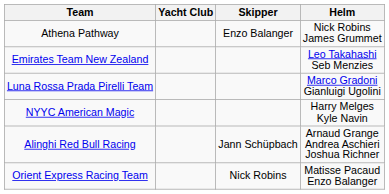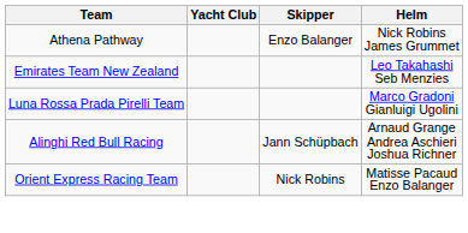 <table class="wikitable" style="font-size:10pt;line-height:1.0;line-width:2.0;text-align: center;">
 <tr>
 <th>Team</th>
 <th>Yacht Club</th>
 <th>Skipper</th>
 <th>Helm</th>
 </tr>
 <tr>
 <td> Athena Pathway</td>
 <td></td>
 <td>Enzo Balanger</td>
 <td>Nick Robins <br> James Grummet</td>
 </tr>
 <tr>
 <td> <a href='#'>Emirates Team New Zealand</a></td>
 <td></td>
 <td></td>
 <td><a href='#'>Leo Takahashi</a> <br> Seb Menzies</td>
 </tr>
 <tr>
 <td> <a href='#'>Luna Rossa Prada Pirelli Team</a></td>
 <td></td>
 <td></td>
 <td><a href='#'>Marco Gradoni</a> <br> Gianluigi Ugolini</td>
 </tr>
 <tr>
-<td> <a href='#'>NYYC American Magic</a></td>
-<td></td>
-<td></td>
-<td>Harry Melges <br> Kyle Navin</td>
-</tr>
-<tr>
 <td> <a href='#'>Alinghi Red Bull Racing</a></td>
 <td></td>
 <td>Jann Schüpbach</td>
 <td>Arnaud Grange <br> Andrea Aschieri <br> Joshua Richner</td>
 </tr>
 <tr>
 <td> <a href='#'>Orient Express Racing Team</a></td>
 <td></td>
 <td>Nick Robins</td>
 <td>Matisse Pacaud <br> Enzo Balanger</td>
 </tr>
 </table>
